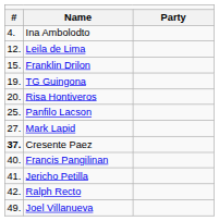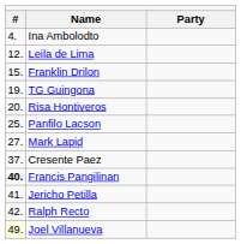 <table class=wikitable style="font-size:90%">
 <tr>
 <td colspan=4 bgcolor=></td>
 </tr>
 <tr>
 <th>#</th>
 <th style="width:150px;">Name</th>
 <th colspan="2" style="width:110px;">Party</th>
 </tr>
 <tr>
 <td>4.</td>
 <td>Ina Ambolodto</td>
 <td></td>
 </tr>
 <tr>
 <td>12.</td>
 <td><a href='#'>Leila de Lima</a></td>
 <td></td>
 </tr>
 <tr>
 <td>15.</td>
 <td><a href='#'>Franklin Drilon</a></td>
 <td></td>
 </tr>
 <tr>
 <td>19.</td>
 <td><a href='#'>TG Guingona</a></td>
 <td></td>
 </tr>
 <tr>
 <td>20.</td>
 <td><a href='#'>Risa Hontiveros</a></td>
 <td></td>
 </tr>
 <tr>
 <td>25.</td>
 <td><a href='#'>Panfilo Lacson</a></td>
 <td></td>
 </tr>
 <tr>
 <td>27.</td>
 <td><a href='#'>Mark Lapid</a></td>
 <td></td>
 </tr>
 <tr>
-<td><strong>37.</strong></td>
+<td>37.</td>
 <td>Cresente Paez</td>
 <td></td>
 </tr>
 <tr>
-<td>40.</td>
+<td><strong>40.</strong></td>
 <td><a href='#'>Francis Pangilinan</a></td>
 <td></td>
 </tr>
 <tr>
 <td>41.</td>
 <td><a href='#'>Jericho Petilla</a></td>
 <td></td>
 </tr>
 <tr>
 <td>42.</td>
 <td><a href='#'>Ralph Recto</a></td>
 <td></td>
 </tr>
 <tr>
-<td>49.</td>
+<td style="background: lightyellow;">49.</td>
 <td><a href='#'>Joel Villanueva</a></td>
 <td></td>
 </tr>
 </table>
